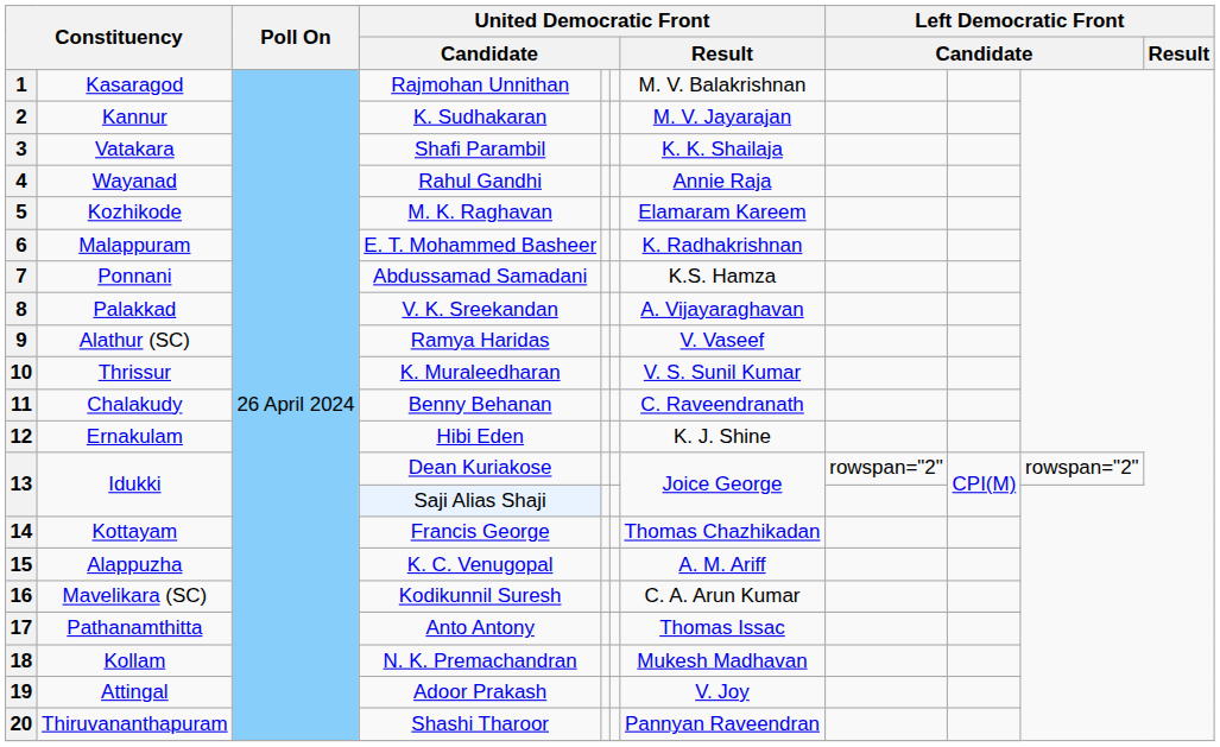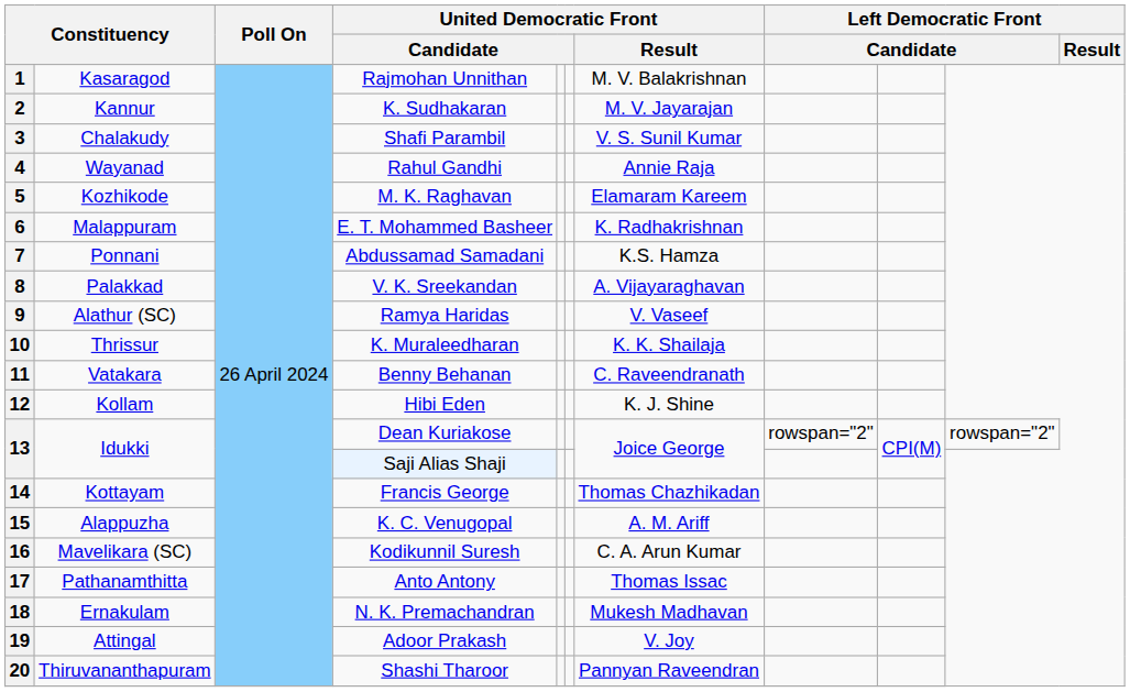 <table class="wikitable sortable" style="text-align:center;">
 <tr>
 <th rowspan="2" colspan="2">Constituency</th>
 <th rowspan="2">Poll On</th>
 <th colspan="4" style="background-color:">United Democratic Front</th>
 <th colspan="4" style="background-color:">Left Democratic Front</th>
 </tr>
 <tr>
 <th colspan="3">Candidate</th>
 <th>Result</th>
 <th colspan="3">Candidate</th>
 <th>Result</th>
 </tr>
 <tr>
 <th>1</th>
 <td><a href='#'>Kasaragod</a></td>
 <td rowspan="21" bgcolor=#87CEFA>26 April 2024</td>
 <td><a href='#'>Rajmohan Unnithan</a></td>
 <td></td>
 <td></td>
 <td>M. V. Balakrishnan</td>
 <td></td>
 <td></td>
 </tr>
 <tr>
 <th>2</th>
 <td><a href='#'>Kannur</a></td>
 <td><a href='#'>K. Sudhakaran</a></td>
 <td></td>
 <td></td>
 <td><a href='#'>M. V. Jayarajan</a></td>
 <td></td>
 <td></td>
 </tr>
 <tr>
 <th>3</th>
-<td><a href='#'>Vatakara</a></td>
+<td><a href='#'>Chalakudy</a></td>
 <td><a href='#'>Shafi Parambil</a></td>
 <td></td>
 <td></td>
-<td><a href='#'>K. K. Shailaja</a></td>
+<td><a href='#'>V. S. Sunil Kumar</a></td>
 <td></td>
 <td></td>
 </tr>
 <tr>
 <th>4</th>
 <td><a href='#'>Wayanad</a></td>
 <td><a href='#'>Rahul Gandhi</a></td>
 <td></td>
 <td></td>
 <td><a href='#'>Annie Raja</a></td>
 <td></td>
 <td></td>
 </tr>
 <tr>
 <th>5</th>
 <td><a href='#'>Kozhikode</a></td>
 <td><a href='#'>M. K. Raghavan</a></td>
 <td></td>
 <td></td>
 <td><a href='#'>Elamaram Kareem</a></td>
 <td></td>
 <td></td>
 </tr>
 <tr>
 <th>6</th>
 <td><a href='#'>Malappuram</a></td>
 <td><a href='#'>E. T. Mohammed Basheer</a></td>
 <td></td>
 <td></td>
 <td><a href='#'>K. Radhakrishnan</a></td>
 <td></td>
 <td></td>
 </tr>
 <tr>
 <th>7</th>
 <td><a href='#'>Ponnani</a></td>
 <td><a href='#'>Abdussamad Samadani</a></td>
 <td></td>
 <td></td>
 <td>K.S. Hamza</td>
 <td></td>
 <td></td>
 </tr>
 <tr>
 <th>8</th>
 <td><a href='#'>Palakkad</a></td>
 <td><a href='#'>V. K. Sreekandan</a></td>
 <td></td>
 <td></td>
 <td><a href='#'>A. Vijayaraghavan</a></td>
 <td></td>
 <td></td>
 </tr>
 <tr>
 <th>9</th>
 <td><a href='#'>Alathur</a> (SC)</td>
 <td><a href='#'>Ramya Haridas</a></td>
 <td></td>
 <td></td>
 <td><a href='#'>V. Vaseef</a></td>
 <td></td>
 <td></td>
 </tr>
 <tr>
 <th>10</th>
 <td><a href='#'>Thrissur</a></td>
 <td><a href='#'>K. Muraleedharan</a></td>
 <td></td>
 <td></td>
-<td><a href='#'>V. S. Sunil Kumar</a></td>
+<td><a href='#'>K. K. Shailaja</a></td>
 <td></td>
 <td></td>
 </tr>
 <tr>
 <th>11</th>
-<td><a href='#'>Chalakudy</a></td>
+<td><a href='#'>Vatakara</a></td>
 <td><a href='#'>Benny Behanan</a></td>
 <td></td>
 <td></td>
 <td><a href='#'>C. Raveendranath</a></td>
 <td></td>
 <td></td>
 </tr>
 <tr>
 <th>12</th>
-<td><a href='#'>Ernakulam</a></td>
+<td><a href='#'>Kollam</a></td>
 <td><a href='#'>Hibi Eden</a></td>
 <td></td>
 <td></td>
 <td>K. J. Shine</td>
 <td></td>
 <td></td>
 </tr>
 <tr>
 <th rowspan="2">13</th>
 <td rowspan="2"><a href='#'>Idukki</a></td>
 <td><a href='#'>Dean Kuriakose</a></td>
 <td></td>
 <td></td>
 <td rowspan="2"><a href='#'>Joice George</a></td>
 <td>rowspan="2" </td>
 <td rowspan="2"><a href='#'>CPI(M)</a></td>
 <td>rowspan="2" </td>
 </tr>
 <tr>
 <td style="background:#e8f3ff">Saji Alias Shaji</td>
 <td></td>
 <td></td>
 </tr>
 <tr>
 <th>14</th>
 <td><a href='#'>Kottayam</a></td>
 <td><a href='#'>Francis George</a></td>
 <td></td>
 <td></td>
 <td><a href='#'>Thomas Chazhikadan</a></td>
 <td></td>
 <td></td>
 </tr>
 <tr>
 <th>15</th>
 <td><a href='#'>Alappuzha</a></td>
 <td><a href='#'>K. C. Venugopal</a></td>
 <td></td>
 <td></td>
 <td><a href='#'>A. M. Ariff</a></td>
 <td></td>
 <td></td>
 </tr>
 <tr>
 <th>16</th>
 <td><a href='#'>Mavelikara</a> (SC)</td>
 <td><a href='#'>Kodikunnil Suresh</a></td>
 <td></td>
 <td></td>
 <td>C. A. Arun Kumar</td>
 <td></td>
 <td></td>
 </tr>
 <tr>
 <th>17</th>
 <td><a href='#'>Pathanamthitta</a></td>
 <td><a href='#'>Anto Antony</a></td>
 <td></td>
 <td></td>
 <td><a href='#'>Thomas Issac</a></td>
 <td></td>
 <td></td>
 </tr>
 <tr>
 <th>18</th>
-<td><a href='#'>Kollam</a></td>
+<td><a href='#'>Ernakulam</a></td>
 <td><a href='#'>N. K. Premachandran</a></td>
 <td></td>
 <td></td>
 <td><a href='#'>Mukesh Madhavan</a></td>
 <td></td>
 <td></td>
 </tr>
 <tr>
 <th>19</th>
 <td><a href='#'>Attingal</a></td>
 <td><a href='#'>Adoor Prakash</a></td>
 <td></td>
 <td></td>
 <td><a href='#'>V. Joy</a></td>
 <td></td>
 <td></td>
 </tr>
 <tr>
 <th>20</th>
 <td><a href='#'>Thiruvananthapuram</a></td>
 <td><a href='#'>Shashi Tharoor</a></td>
 <td></td>
 <td></td>
 <td><a href='#'>Pannyan Raveendran</a></td>
 <td></td>
 <td></td>
 </tr>
 <tr>
 </tr>
 </table>
